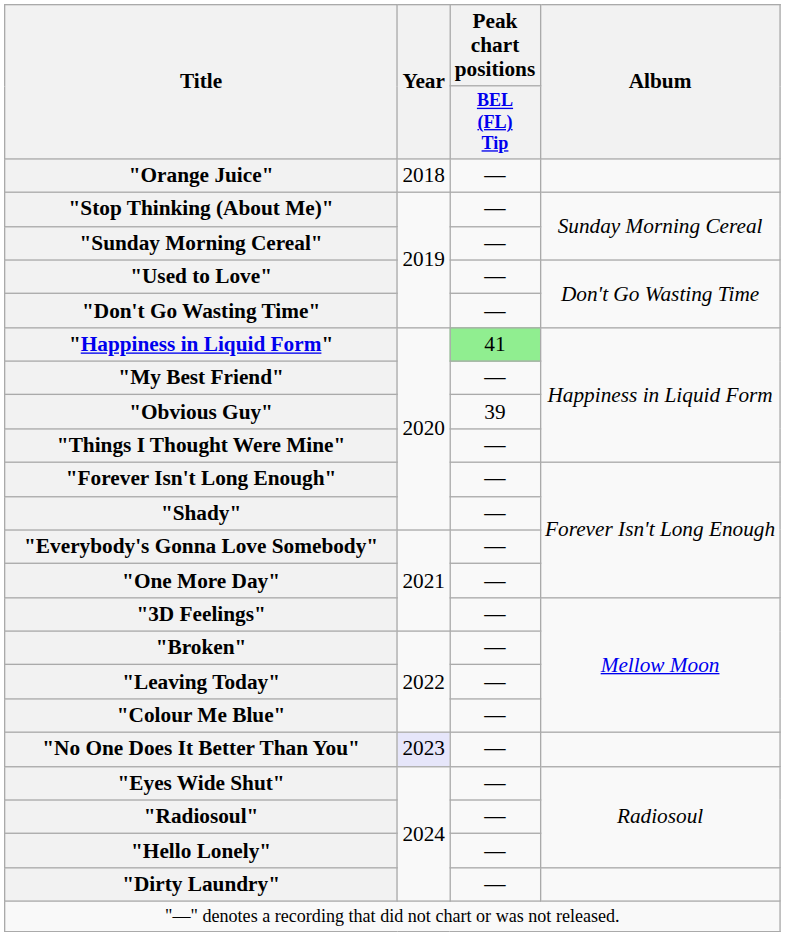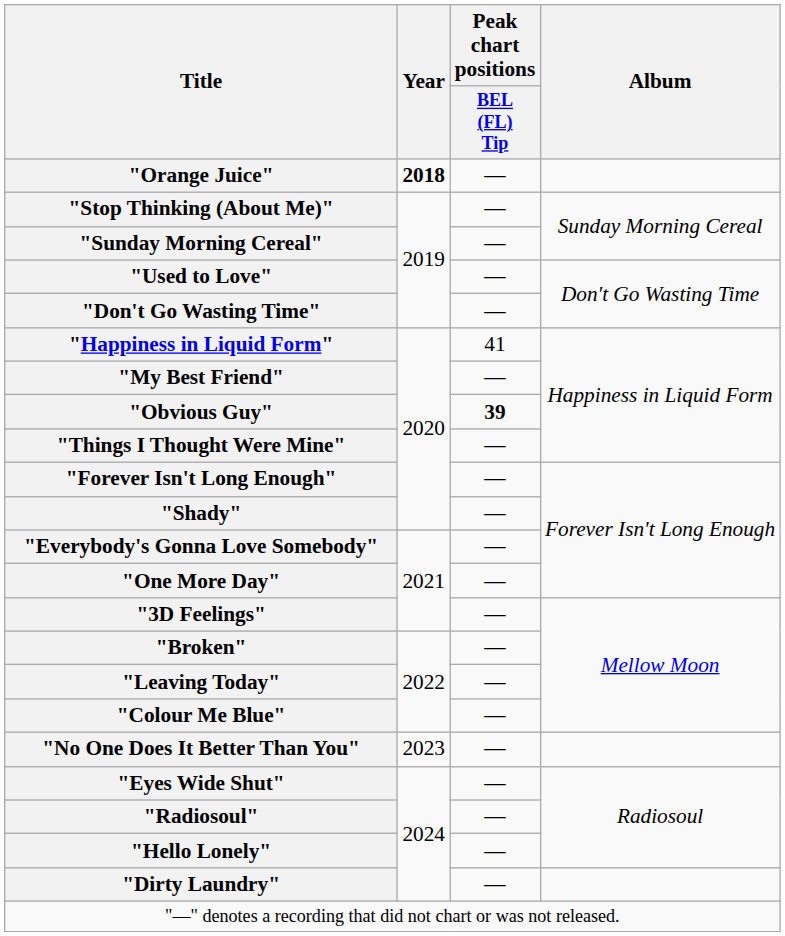 <table class="wikitable plainrowheaders" style="text-align:center;">
 <tr>
 <th scope="col" rowspan="2" style="width:18em;">Title</th>
 <th scope="col" rowspan="2" style="width:1em;">Year</th>
 <th scope="col">Peak chart positions</th>
 <th scope="col" rowspan="2">Album</th>
 </tr>
 <tr>
 <th scope="col" style="width:3em;font-size:85%;"><a href='#'>BEL<br>(FL)<br>Tip</a><br></th>
 </tr>
 <tr>
 <th scope="row">"Orange Juice"</th>
-<td>2018</td>
+<td><strong>2018</strong></td>
 <td>—</td>
 <td></td>
 </tr>
 <tr>
 <th scope="row">"Stop Thinking (About Me)"</th>
 <td rowspan="4">2019</td>
 <td>—</td>
 <td rowspan="2"><em>Sunday Morning Cereal</em></td>
 </tr>
 <tr>
 <th scope="row">"Sunday Morning Cereal"</th>
 <td>—</td>
 </tr>
 <tr>
 <th scope="row">"Used to Love"</th>
 <td>—</td>
 <td rowspan="2"><em>Don't Go Wasting Time</em></td>
 </tr>
 <tr>
 <th scope="row">"Don't Go Wasting Time"</th>
 <td>—</td>
 </tr>
 <tr>
 <th scope="row">"<a href='#'>Happiness in Liquid Form</a>"</th>
 <td rowspan="6">2020</td>
-<td style="background: lightgreen;">41</td>
+<td>41</td>
 <td rowspan="4"><em>Happiness in Liquid Form</em></td>
 </tr>
 <tr>
 <th scope="row">"My Best Friend"<br></th>
 <td>—</td>
 </tr>
 <tr>
 <th scope="row">"Obvious Guy"</th>
-<td>39</td>
+<td><strong>39</strong></td>
 </tr>
 <tr>
 <th scope="row">"Things I Thought Were Mine"</th>
 <td>—</td>
 </tr>
 <tr>
 <th scope="row">"Forever Isn't Long Enough"</th>
 <td>—</td>
 <td rowspan="4"><em>Forever Isn't Long Enough</em></td>
 </tr>
 <tr>
 <th scope="row">"Shady"</th>
 <td>—</td>
 </tr>
 <tr>
 <th scope="row">"Everybody's Gonna Love Somebody"</th>
 <td rowspan="3">2021</td>
 <td>—</td>
 </tr>
 <tr>
 <th scope="row">"One More Day" <br></th>
 <td>—</td>
 </tr>
 <tr>
 <th scope="row">"3D Feelings"</th>
 <td>—</td>
 <td rowspan="4"><em><a href='#'>Mellow Moon</a></em></td>
 </tr>
 <tr>
 <th scope="row">"Broken"</th>
 <td rowspan="3">2022</td>
 <td>—</td>
 </tr>
 <tr>
 <th scope="row">"Leaving Today"</th>
 <td>—</td>
 </tr>
 <tr>
 <th scope="row">"Colour Me Blue"</th>
 <td>—</td>
 </tr>
 <tr>
 <th scope="row">"No One Does It Better Than You" <br></th>
-<td style="background: lavender;">2023</td>
+<td>2023</td>
 <td>—</td>
 <td></td>
 </tr>
 <tr>
 <th scope="row">"Eyes Wide Shut"</th>
 <td rowspan="4">2024</td>
 <td>—</td>
 <td rowspan="3"><em>Radiosoul</em></td>
 </tr>
 <tr>
 <th scope="row">"Radiosoul"</th>
 <td>—</td>
 </tr>
 <tr>
 <th scope="row">"Hello Lonely"</th>
 <td>—</td>
 </tr>
 <tr>
 <th scope="row">"Dirty Laundry"</th>
 <td>—</td>
 <td></td>
 </tr>
 <tr>
 <td colspan="20" style="text-align:center; font-size:85%;">"—" denotes a recording that did not chart or was not released.</td>
 </tr>
 </table>
